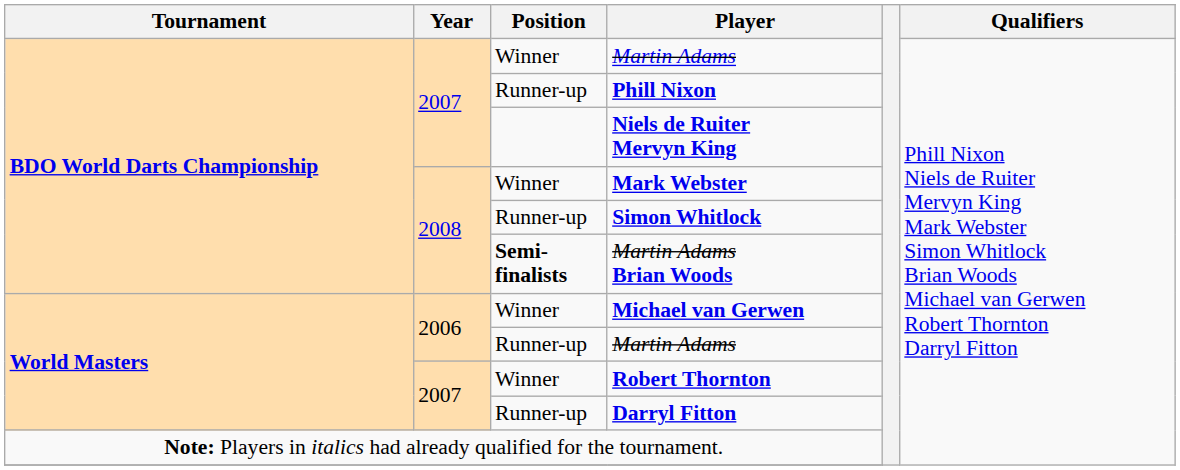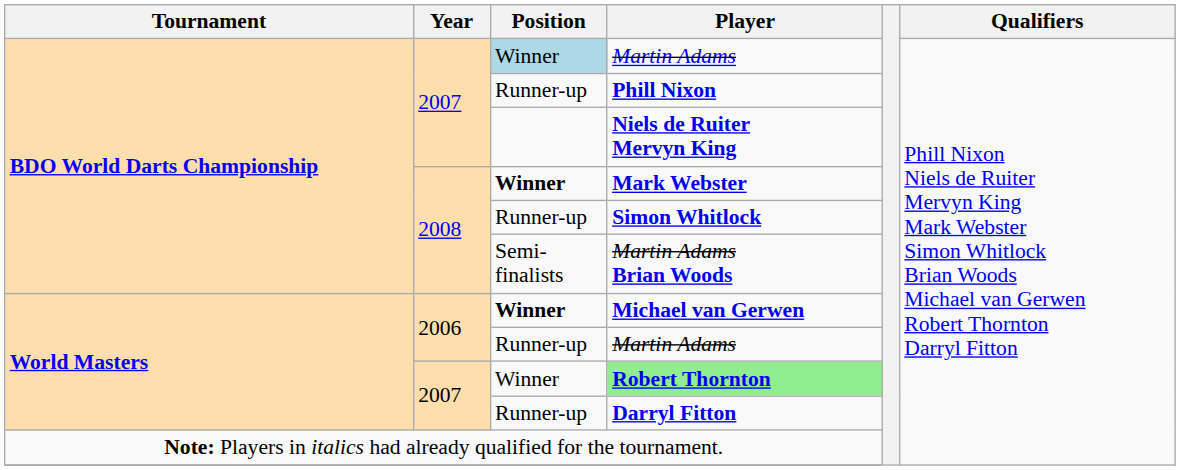 <table class="wikitable">
 <tr>
 <th width=300>Tournament</th>
 <th width=50>Year</th>
 <th width=80>Position</th>
 <th width=200>Player</th>
 <th rowspan=34 width=5></th>
 <th width=200>Qualifiers</th>
 </tr>
 <tr>
 <td rowspan="6" style="background:#ffdead;"><strong><a href='#'>BDO World Darts Championship</a></strong></td>
 <td rowspan="3" style="background:#ffdead;"><a href='#'>2007</a></td>
-<td>Winner</td>
+<td style="background: lightblue;">Winner</td>
 <td><s> <em><a href='#'>Martin Adams</a></em></s></td>
 <td rowspan=33> <a href='#'>Phill Nixon</a><br> <a href='#'>Niels de Ruiter</a><br> <a href='#'>Mervyn King</a><br> <a href='#'>Mark Webster</a><br> <a href='#'>Simon Whitlock</a><br> <a href='#'>Brian Woods</a><br> <a href='#'>Michael van Gerwen</a><br> <a href='#'>Robert Thornton</a><br> <a href='#'>Darryl Fitton</a></td>
 </tr>
 <tr>
 <td>Runner-up</td>
 <td> <strong><a href='#'>Phill Nixon</a></strong></td>
 </tr>
 <tr>
 <td></td>
 <td> <strong><a href='#'>Niels de Ruiter</a></strong><br> <strong><a href='#'>Mervyn King</a></strong></td>
 </tr>
 <tr>
 <td rowspan="3" style="background:#ffdead;"><a href='#'>2008</a></td>
-<td>Winner</td>
+<td><strong>Winner</strong></td>
 <td> <strong><a href='#'>Mark Webster</a></strong></td>
 </tr>
 <tr>
 <td>Runner-up</td>
 <td> <strong><a href='#'>Simon Whitlock</a></strong></td>
 </tr>
 <tr>
-<td><strong>Semi-finalists</strong></td>
+<td>Semi-finalists</td>
 <td><s> <em>Martin Adams</em></s><br> <strong><a href='#'>Brian Woods</a></strong></td>
 </tr>
 <tr>
 <td rowspan="4" style="background:#ffdead;"><strong><a href='#'>World Masters</a></strong></td>
 <td rowspan="2" style="background:#ffdead;">2006</td>
-<td>Winner</td>
+<td><strong>Winner</strong></td>
 <td> <strong><a href='#'>Michael van Gerwen</a></strong></td>
 </tr>
 <tr>
 <td>Runner-up</td>
 <td><s> <em>Martin Adams</em></s></td>
 </tr>
 <tr>
 <td rowspan="2" style="background:#ffdead;">2007</td>
 <td>Winner</td>
-<td> <strong><a href='#'>Robert Thornton</a></strong></td>
+<td style="background: lightgreen;"> <strong><a href='#'>Robert Thornton</a></strong></td>
 </tr>
 <tr>
 <td>Runner-up</td>
 <td> <strong><a href='#'>Darryl Fitton</a></strong></td>
 </tr>
 <tr>
 <td colspan=4 align=center><strong>Note:</strong> Players in <em>italics</em> had already qualified for the tournament.</td>
 </tr>
 <tr>
 </tr>
 </table>
